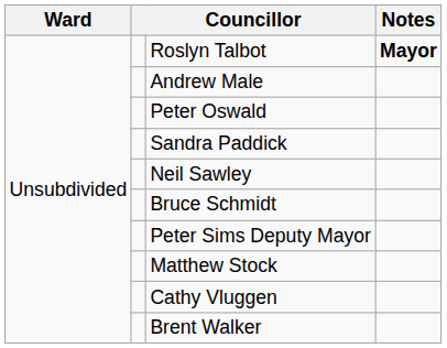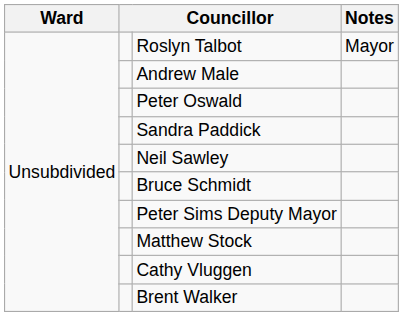 <table class="wikitable">
 <tr>
 <th>Ward</th>
 <th colspan="2">Councillor</th>
 <th>Notes</th>
 </tr>
 <tr>
 <td rowspan="10">Unsubdivided </td>
 <td> </td>
 <td>Roslyn Talbot</td>
-<td><strong>Mayor </strong></td>
+<td>Mayor </td>
 </tr>
 <tr>
 <td> </td>
 <td>Andrew Male</td>
 <td></td>
 </tr>
 <tr>
 <td> </td>
 <td>Peter Oswald</td>
 <td></td>
 </tr>
 <tr>
 <td> </td>
 <td>Sandra Paddick</td>
 <td></td>
 </tr>
 <tr>
 <td> </td>
 <td>Neil Sawley</td>
 <td></td>
 </tr>
 <tr>
 <td> </td>
 <td>Bruce Schmidt</td>
 <td></td>
 </tr>
 <tr>
 <td> </td>
 <td>Peter Sims Deputy Mayor</td>
 <td></td>
 </tr>
 <tr>
 <td> </td>
 <td>Matthew Stock</td>
 <td></td>
 </tr>
 <tr>
 <td> </td>
 <td>Cathy Vluggen</td>
 <td></td>
 </tr>
 <tr>
 <td> </td>
 <td>Brent Walker</td>
 <td></td>
 </tr>
 </table>
